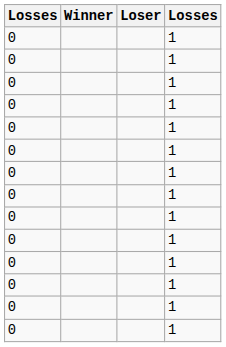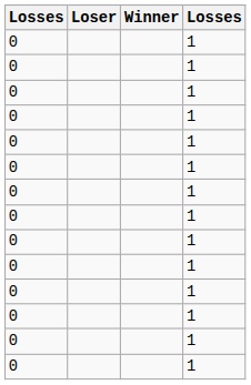 <table class=wikitable>
 <tr>
 <th>Losses</th>
+<th>Loser</th>
 <th>Winner</th>
-<th>Loser</th>
 <th>Losses</th>
 </tr>
 <tr>
 <td>0</td>
 <td></td>
 <td></td>
 <td>1</td>
 </tr>
 <tr>
 <td>0</td>
 <td></td>
 <td></td>
 <td>1</td>
 </tr>
 <tr>
 <td>0</td>
 <td></td>
 <td></td>
 <td>1</td>
 </tr>
 <tr>
 <td>0</td>
 <td></td>
 <td></td>
 <td>1</td>
 </tr>
 <tr>
 <td>0</td>
 <td></td>
 <td></td>
 <td>1</td>
 </tr>
 <tr>
 <td>0</td>
 <td></td>
 <td></td>
 <td>1</td>
 </tr>
 <tr>
 <td>0</td>
 <td></td>
 <td></td>
 <td>1</td>
 </tr>
 <tr>
 <td>0</td>
 <td></td>
 <td></td>
 <td>1</td>
 </tr>
 <tr>
 <td>0</td>
 <td></td>
 <td></td>
 <td>1</td>
 </tr>
 <tr>
 <td>0</td>
 <td></td>
 <td></td>
 <td>1</td>
 </tr>
 <tr>
 <td>0</td>
 <td></td>
 <td></td>
 <td>1</td>
 </tr>
 <tr>
 <td>0</td>
 <td></td>
 <td></td>
 <td>1</td>
 </tr>
 <tr>
 <td>0</td>
 <td></td>
 <td></td>
 <td>1</td>
 </tr>
 <tr>
 <td>0</td>
 <td></td>
 <td></td>
 <td>1</td>
 </tr>
 </table>
